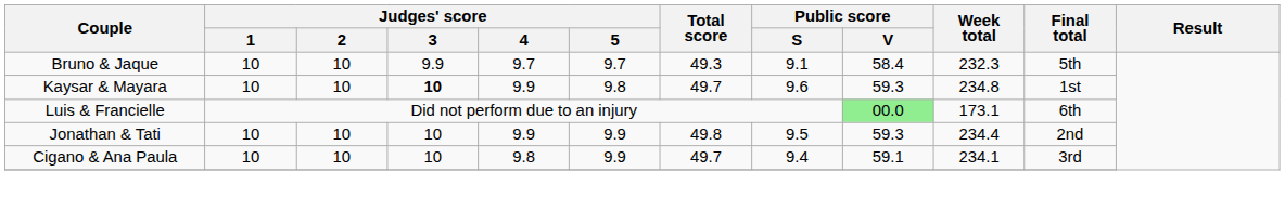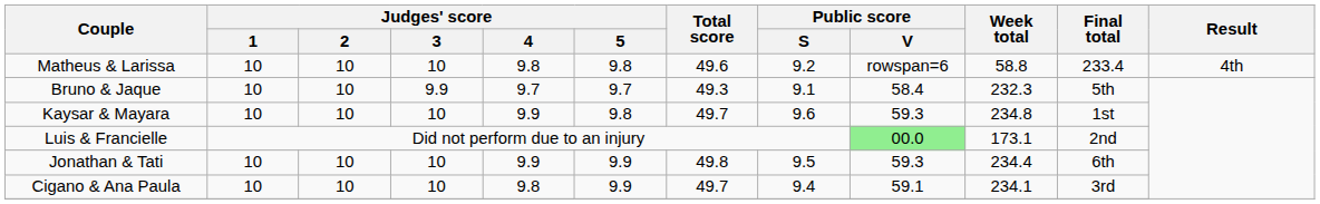 <table class="wikitable" style="font-size:100%; line-height:16px; text-align:center" width="100%">
 <tr>
 <th rowspan=2 width="11.0%">Couple</th>
 <th colspan=5 width="25.0%">Judges' score</th>
 <th rowspan=2 width="05.0%">Total<br>score</th>
 <th colspan=2 width="10.0%">Public score</th>
 <th rowspan=2 width="05.0%">Week<br>total</th>
 <th rowspan=2 width="05.0%">Final<br>total</th>
 <th rowspan=2 width="09.0%">Result</th>
 </tr>
 <tr>
 <th width="05.0%">1</th>
 <th width="05.0%">2</th>
 <th width="05.0%">3</th>
 <th width="05.0%">4</th>
 <th width="05.0%">5</th>
 <th width="05.0%">S</th>
 <th width="05.0%">V</th>
 </tr>
 <tr>
+<td>Matheus & Larissa</td>
+<td>10</td>
+<td>10</td>
+<td>10</td>
+<td>9.8</td>
+<td>9.8</td>
+<td>49.6</td>
+<td>9.2</td>
+<td>rowspan=6 </td>
+<td>58.8</td>
+<td>233.4</td>
+<td>4th</td>
+</tr>
+<tr>
 <td>Bruno & Jaque</td>
 <td>10</td>
 <td>10</td>
 <td>9.9</td>
 <td>9.7</td>
 <td>9.7</td>
 <td>49.3</td>
 <td>9.1</td>
 <td>58.4</td>
 <td>232.3</td>
 <td>5th</td>
 </tr>
 <tr>
 <td>Kaysar & Mayara</td>
 <td>10</td>
 <td>10</td>
-<td><strong>10</strong></td>
+<td>10</td>
 <td>9.9</td>
 <td>9.8</td>
 <td>49.7</td>
 <td>9.6</td>
 <td>59.3</td>
 <td>234.8</td>
 <td>1st</td>
 </tr>
 <tr>
 <td>Luis & Francielle</td>
 <td colspan=7>Did not perform due to an injury</td>
 <td style="background: lightgreen;">00.0</td>
 <td>173.1</td>
-<td>6th</td>
+<td>2nd</td>
 </tr>
 <tr>
 <td>Jonathan & Tati</td>
 <td>10</td>
 <td>10</td>
 <td>10</td>
 <td>9.9</td>
 <td>9.9</td>
 <td>49.8</td>
 <td>9.5</td>
 <td>59.3</td>
 <td>234.4</td>
-<td>2nd</td>
+<td>6th</td>
 </tr>
 <tr>
 <td>Cigano & Ana Paula</td>
 <td>10</td>
 <td>10</td>
 <td>10</td>
 <td>9.8</td>
 <td>9.9</td>
 <td>49.7</td>
 <td>9.4</td>
 <td>59.1</td>
 <td>234.1</td>
 <td>3rd</td>
 </tr>
 <tr>
 </tr>
 </table>
